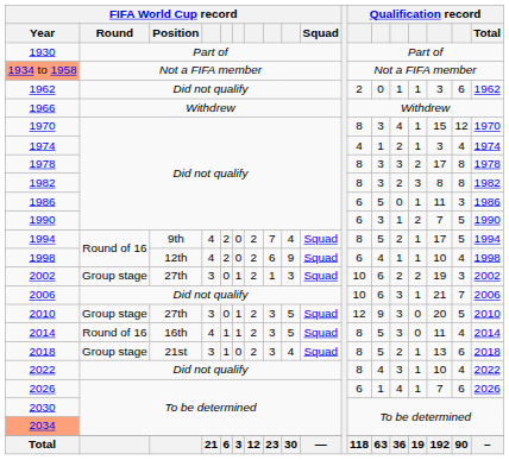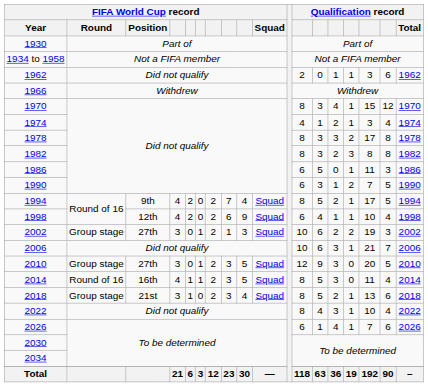 <table class="wikitable" style="text-align: center;">
 <tr>
 <th colspan=10><a href='#'>FIFA World Cup</a> record</th>
 <th rowspan=25></th>
 <th colspan=10><a href='#'>Qualification</a> record</th>
 </tr>
 <tr>
 <th>Year</th>
 <th>Round</th>
 <th>Position</th>
 <th></th>
 <th></th>
 <th></th>
 <th></th>
 <th></th>
 <th></th>
 <th>Squad</th>
 <th></th>
 <th></th>
 <th></th>
 <th></th>
 <th></th>
 <th></th>
 <th>Total</th>
 </tr>
 <tr>
 <td> <a href='#'>1930</a></td>
 <td colspan=9><em>Part of </em></td>
 <td colspan=9><em>Part of </em></td>
 </tr>
 <tr>
-<td style="background: lightsalmon;"><a href='#'>1934</a> to <a href='#'>1958</a></td>
+<td><a href='#'>1934</a> to <a href='#'>1958</a></td>
 <td colspan=9><em>Not a FIFA member</em></td>
 <td colspan=9><em>Not a FIFA member</em></td>
 </tr>
 <tr>
 <td> <a href='#'>1962</a></td>
 <td colspan=9><em>Did not qualify</em></td>
 <td>2</td>
 <td>0</td>
 <td>1</td>
 <td>1</td>
 <td>3</td>
 <td>6</td>
 <td><a href='#'>1962</a></td>
 </tr>
 <tr>
 <td> <a href='#'>1966</a></td>
 <td colspan=9><em>Withdrew</em></td>
 <td colspan=9><em>Withdrew</em></td>
 </tr>
 <tr>
 <td> <a href='#'>1970</a></td>
 <td colspan=9 rowspan=6><em>Did not qualify</em></td>
 <td>8</td>
 <td>3</td>
 <td>4</td>
 <td>1</td>
 <td>15</td>
 <td>12</td>
 <td><a href='#'>1970</a></td>
 </tr>
 <tr>
 <td> <a href='#'>1974</a></td>
 <td>4</td>
 <td>1</td>
 <td>2</td>
 <td>1</td>
 <td>3</td>
 <td>4</td>
 <td><a href='#'>1974</a></td>
 </tr>
 <tr>
 <td> <a href='#'>1978</a></td>
 <td>8</td>
 <td>3</td>
 <td>3</td>
 <td>2</td>
 <td>17</td>
 <td>8</td>
 <td><a href='#'>1978</a></td>
 </tr>
 <tr>
 <td> <a href='#'>1982</a></td>
 <td>8</td>
 <td>3</td>
 <td>2</td>
 <td>3</td>
 <td>8</td>
 <td>8</td>
 <td><a href='#'>1982</a></td>
 </tr>
 <tr>
 <td> <a href='#'>1986</a></td>
 <td>6</td>
 <td>5</td>
 <td>0</td>
 <td>1</td>
 <td>11</td>
 <td>3</td>
 <td><a href='#'>1986</a></td>
 </tr>
 <tr>
 <td> <a href='#'>1990</a></td>
 <td>6</td>
 <td>3</td>
 <td>1</td>
 <td>2</td>
 <td>7</td>
 <td>5</td>
 <td><a href='#'>1990</a></td>
 </tr>
 <tr>
 <td> <a href='#'>1994</a></td>
 <td rowspan=2>Round of 16</td>
 <td>9th</td>
 <td>4</td>
 <td>2</td>
 <td>0</td>
 <td>2</td>
 <td>7</td>
 <td>4</td>
 <td><a href='#'>Squad</a></td>
 <td>8</td>
 <td>5</td>
 <td>2</td>
 <td>1</td>
 <td>17</td>
 <td>5</td>
 <td><a href='#'>1994</a></td>
 </tr>
 <tr>
 <td> <a href='#'>1998</a></td>
 <td>12th</td>
 <td>4</td>
 <td>2</td>
 <td>0</td>
 <td>2</td>
 <td>6</td>
 <td>9</td>
 <td><a href='#'>Squad</a></td>
 <td>6</td>
 <td>4</td>
 <td>1</td>
 <td>1</td>
 <td>10</td>
 <td>4</td>
 <td><a href='#'>1998</a></td>
 </tr>
 <tr>
 <td>  <a href='#'>2002</a></td>
 <td>Group stage</td>
 <td>27th</td>
 <td>3</td>
 <td>0</td>
 <td>1</td>
 <td>2</td>
 <td>1</td>
 <td>3</td>
 <td><a href='#'>Squad</a></td>
 <td>10</td>
 <td>6</td>
 <td>2</td>
 <td>2</td>
 <td>19</td>
 <td>3</td>
 <td><a href='#'>2002</a></td>
 </tr>
 <tr>
 <td> <a href='#'>2006</a></td>
 <td colspan=9><em>Did not qualify</em></td>
 <td>10</td>
 <td>6</td>
 <td>3</td>
 <td>1</td>
 <td>21</td>
 <td>7</td>
 <td><a href='#'>2006</a></td>
 </tr>
 <tr>
 <td> <a href='#'>2010</a></td>
 <td>Group stage</td>
 <td>27th</td>
 <td>3</td>
 <td>0</td>
 <td>1</td>
 <td>2</td>
 <td>3</td>
 <td>5</td>
 <td><a href='#'>Squad</a></td>
 <td>12</td>
 <td>9</td>
 <td>3</td>
 <td>0</td>
 <td>20</td>
 <td>5</td>
 <td><a href='#'>2010</a></td>
 </tr>
 <tr>
 <td> <a href='#'>2014</a></td>
 <td>Round of 16</td>
 <td>16th</td>
 <td>4</td>
 <td>1</td>
 <td>1</td>
 <td>2</td>
 <td>3</td>
 <td>5</td>
 <td><a href='#'>Squad</a></td>
 <td>8</td>
 <td>5</td>
 <td>3</td>
 <td>0</td>
 <td>11</td>
 <td>4</td>
 <td><a href='#'>2014</a></td>
 </tr>
 <tr>
 <td> <a href='#'>2018</a></td>
 <td>Group stage</td>
 <td>21st</td>
 <td>3</td>
 <td>1</td>
 <td>0</td>
 <td>2</td>
 <td>3</td>
 <td>4</td>
 <td><a href='#'>Squad</a></td>
 <td>8</td>
 <td>5</td>
 <td>2</td>
 <td>1</td>
 <td>13</td>
 <td>6</td>
 <td><a href='#'>2018</a></td>
 </tr>
 <tr>
 <td> <a href='#'>2022</a></td>
 <td colspan=9><em>Did not qualify</em></td>
 <td>8</td>
 <td>4</td>
 <td>3</td>
 <td>1</td>
 <td>10</td>
 <td>4</td>
 <td><a href='#'>2022</a></td>
 </tr>
 <tr>
 <td>   <a href='#'>2026</a></td>
 <td colspan=9 rowspan=3><em>To be determined</em></td>
 <td>6</td>
 <td>1</td>
 <td>4</td>
 <td>1</td>
 <td>7</td>
 <td>6</td>
 <td><a href='#'>2026</a></td>
 </tr>
 <tr>
 <td>   <a href='#'>2030</a></td>
 <td colspan=7 rowspan=2><em>To be determined</em></td>
 </tr>
 <tr>
-<td style="background: lightsalmon;"> <a href='#'>2034</a></td>
+<td> <a href='#'>2034</a></td>
 </tr>
 <tr>
 </tr>
 <tr>
 <th>Total</th>
 <th></th>
 <th></th>
 <th>21</th>
 <th>6</th>
 <th>3</th>
 <th>12</th>
 <th>23</th>
 <th>30</th>
 <th>—</th>
 <th>118</th>
 <th>63</th>
 <th>36</th>
 <th>19</th>
 <th>192</th>
 <th>90</th>
 <th>–</th>
 </tr>
 </table>
